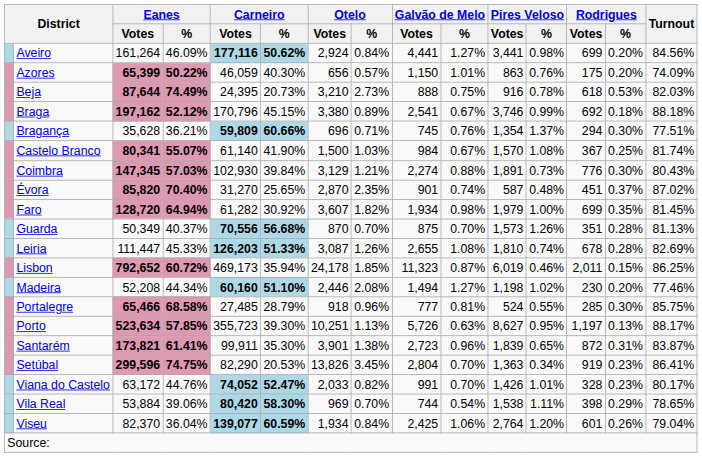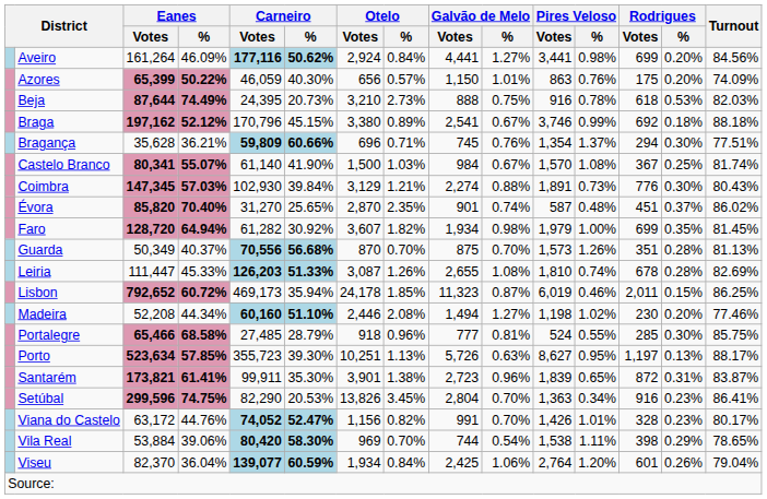 <table class="wikitable sortable" style="text-align:right; font-size:95%">
 <tr>
 <th colspan="2" rowspan="2">District</th>
 <th colspan="2"><a href='#'>Eanes</a></th>
 <th colspan="2"><a href='#'>Carneiro</a></th>
 <th colspan="2"><a href='#'>Otelo</a></th>
 <th colspan="2"><a href='#'>Galvão de Melo</a></th>
 <th colspan="2"><a href='#'>Pires Veloso</a></th>
 <th colspan="2"><a href='#'>Rodrigues</a></th>
 <th rowspan="2">Turnout</th>
 </tr>
 <tr>
 <th>Votes</th>
 <th>%</th>
 <th>Votes</th>
 <th>%</th>
 <th>Votes</th>
 <th>%</th>
 <th>Votes</th>
 <th>%</th>
 <th>Votes</th>
 <th>%</th>
 <th>Votes</th>
 <th>%</th>
 </tr>
 <tr>
 <td style="background:lightblue;"> </td>
 <td style="text-align:left;"><a href='#'>Aveiro</a></td>
 <td>161,264</td>
 <td>46.09%</td>
 <td style="background:lightblue; color:#000;"><strong>177,116</strong></td>
 <td style="background:lightblue; color:#000;"><strong>50.62%</strong></td>
 <td>2,924</td>
 <td>0.84%</td>
 <td>4,441</td>
 <td>1.27%</td>
 <td>3,441</td>
 <td>0.98%</td>
 <td>699</td>
 <td>0.20%</td>
 <td>84.56%</td>
 </tr>
 <tr>
 <td style="background:#DE98B2"> </td>
 <td style="text-align:left;"><a href='#'>Azores</a></td>
 <td style="background:#DE98B2; color:#000;"><strong>65,399</strong></td>
 <td style="background:#DE98B2; color:#000;"><strong>50.22%</strong></td>
 <td>46,059</td>
 <td>40.30%</td>
 <td>656</td>
 <td>0.57%</td>
 <td>1,150</td>
 <td>1.01%</td>
 <td>863</td>
 <td>0.76%</td>
 <td>175</td>
 <td>0.20%</td>
 <td>74.09%</td>
 </tr>
 <tr>
 <td style="background:#DE98B2;"> </td>
 <td style="text-align:left;"><a href='#'>Beja</a></td>
 <td style="background:#DE98B2; color:#000;"><strong>87,644</strong></td>
 <td style="background:#DE98B2; color:#000;"><strong>74.49%</strong></td>
 <td>24,395</td>
 <td>20.73%</td>
 <td>3,210</td>
 <td>2.73%</td>
 <td>888</td>
 <td>0.75%</td>
 <td>916</td>
 <td>0.78%</td>
 <td>618</td>
 <td>0.53%</td>
 <td>82.03%</td>
 </tr>
 <tr>
 <td style="background:#DE98B2;"> </td>
 <td style="text-align:left;"><a href='#'>Braga</a></td>
 <td style="background:#DE98B2; color:#000;"><strong>197,162</strong></td>
 <td style="background:#DE98B2; color:#000;"><strong>52.12%</strong></td>
 <td>170,796</td>
 <td>45.15%</td>
 <td>3,380</td>
 <td>0.89%</td>
 <td>2,541</td>
 <td>0.67%</td>
 <td>3,746</td>
 <td>0.99%</td>
 <td>692</td>
 <td>0.18%</td>
 <td>88.18%</td>
 </tr>
 <tr>
 <td style="background:lightblue;"> </td>
 <td style="text-align:left;"><a href='#'>Bragança</a></td>
 <td>35,628</td>
 <td>36.21%</td>
 <td style="background:lightblue; color:#000;"><strong>59,809</strong></td>
 <td style="background:lightblue; color:#000;"><strong>60.66%</strong></td>
 <td>696</td>
 <td>0.71%</td>
 <td>745</td>
 <td>0.76%</td>
 <td>1,354</td>
 <td>1.37%</td>
 <td>294</td>
 <td>0.30%</td>
 <td>77.51%</td>
 </tr>
 <tr>
 <td style="background:#DE98B2;"> </td>
 <td style="text-align:left;"><a href='#'>Castelo Branco</a></td>
 <td style="background:#DE98B2; color:#000;"><strong>80,341</strong></td>
 <td style="background:#DE98B2; color:#000;"><strong>55.07%</strong></td>
 <td>61,140</td>
 <td>41.90%</td>
 <td>1,500</td>
 <td>1.03%</td>
 <td>984</td>
 <td>0.67%</td>
 <td>1,570</td>
 <td>1.08%</td>
 <td>367</td>
 <td>0.25%</td>
 <td>81.74%</td>
 </tr>
 <tr>
 <td style="background:#DE98B2;"> </td>
 <td style="text-align:left;"><a href='#'>Coimbra</a></td>
 <td style="background:#DE98B2; color:#000;"><strong>147,345</strong></td>
 <td style="background:#DE98B2; color:#000;"><strong>57.03%</strong></td>
 <td>102,930</td>
 <td>39.84%</td>
 <td>3,129</td>
 <td>1.21%</td>
 <td>2,274</td>
 <td>0.88%</td>
 <td>1,891</td>
 <td>0.73%</td>
 <td>776</td>
 <td>0.30%</td>
 <td>80.43%</td>
 </tr>
 <tr>
 <td style="background:#DE98B2;"> </td>
 <td style="text-align:left;"><a href='#'>Évora</a></td>
 <td style="background:#DE98B2; color:#000;"><strong>85,820</strong></td>
 <td style="background:#DE98B2; color:#000;"><strong>70.40%</strong></td>
 <td>31,270</td>
 <td>25.65%</td>
 <td>2,870</td>
 <td>2.35%</td>
 <td>901</td>
 <td>0.74%</td>
 <td>587</td>
 <td>0.48%</td>
 <td>451</td>
 <td>0.37%</td>
-<td>87.02%</td>
+<td>86.02%</td>
 </tr>
 <tr>
 <td style="background:#DE98B2;"> </td>
 <td style="text-align:left;"><a href='#'>Faro</a></td>
 <td style="background:#DE98B2; color:#000;"><strong>128,720</strong></td>
 <td style="background:#DE98B2; color:#000;"><strong>64.94%</strong></td>
 <td>61,282</td>
 <td>30.92%</td>
 <td>3,607</td>
 <td>1.82%</td>
 <td>1,934</td>
 <td>0.98%</td>
 <td>1,979</td>
 <td>1.00%</td>
 <td>699</td>
 <td>0.35%</td>
 <td>81.45%</td>
 </tr>
 <tr>
 <td style="background:lightblue;"> </td>
 <td style="text-align:left;"><a href='#'>Guarda</a></td>
 <td>50,349</td>
 <td>40.37%</td>
 <td style="background:lightblue; color:#000;"><strong>70,556</strong></td>
 <td style="background:lightblue; color:#000;"><strong>56.68%</strong></td>
 <td>870</td>
 <td>0.70%</td>
 <td>875</td>
 <td>0.70%</td>
 <td>1,573</td>
 <td>1.26%</td>
 <td>351</td>
 <td>0.28%</td>
 <td>81.13%</td>
 </tr>
 <tr>
 <td style="background:lightblue;"> </td>
 <td style="text-align:left;"><a href='#'>Leiria</a></td>
 <td>111,447</td>
 <td>45.33%</td>
 <td style="background:lightblue; color:#000;"><strong>126,203</strong></td>
 <td style="background:lightblue; color:#000;"><strong>51.33%</strong></td>
 <td>3,087</td>
 <td>1.26%</td>
 <td>2,655</td>
 <td>1.08%</td>
 <td>1,810</td>
 <td>0.74%</td>
 <td>678</td>
 <td>0.28%</td>
 <td>82.69%</td>
 </tr>
 <tr>
 <td style="background:#DE98B2;"> </td>
 <td style="text-align:left;"><a href='#'>Lisbon</a></td>
 <td style="background:#DE98B2; color:#000;"><strong>792,652</strong></td>
 <td style="background:#DE98B2; color:#000;"><strong>60.72%</strong></td>
 <td>469,173</td>
 <td>35.94%</td>
 <td>24,178</td>
 <td>1.85%</td>
 <td>11,323</td>
 <td>0.87%</td>
 <td>6,019</td>
 <td>0.46%</td>
 <td>2,011</td>
 <td>0.15%</td>
 <td>86.25%</td>
 </tr>
 <tr>
 <td style="background:lightblue;"> </td>
 <td style="text-align:left;"><a href='#'>Madeira</a></td>
 <td>52,208</td>
 <td>44.34%</td>
 <td style="background:lightblue; color:#000;"><strong>60,160</strong></td>
 <td style="background:lightblue; color:#000;"><strong>51.10%</strong></td>
 <td>2,446</td>
 <td>2.08%</td>
 <td>1,494</td>
 <td>1.27%</td>
 <td>1,198</td>
 <td>1.02%</td>
 <td>230</td>
 <td>0.20%</td>
 <td>77.46%</td>
 </tr>
 <tr>
 <td style="background:#DE98B2;"> </td>
 <td style="text-align:left;"><a href='#'>Portalegre</a></td>
 <td style="background:#DE98B2; color:#000;"><strong>65,466</strong></td>
 <td style="background:#DE98B2; color:#000;"><strong>68.58%</strong></td>
 <td>27,485</td>
 <td>28.79%</td>
 <td>918</td>
 <td>0.96%</td>
 <td>777</td>
 <td>0.81%</td>
 <td>524</td>
 <td>0.55%</td>
 <td>285</td>
 <td>0.30%</td>
 <td>85.75%</td>
 </tr>
 <tr>
 <td style="background:#DE98B2;"> </td>
 <td style="text-align:left;"><a href='#'>Porto</a></td>
 <td style="background:#DE98B2; color:#000;"><strong>523,634</strong></td>
 <td style="background:#DE98B2; color:#000;"><strong>57.85%</strong></td>
 <td>355,723</td>
 <td>39.30%</td>
 <td>10,251</td>
 <td>1.13%</td>
 <td>5,726</td>
 <td>0.63%</td>
 <td>8,627</td>
 <td>0.95%</td>
 <td>1,197</td>
 <td>0.13%</td>
 <td>88.17%</td>
 </tr>
 <tr>
 <td style="background:#DE98B2;"> </td>
 <td style="text-align:left;"><a href='#'>Santarém</a></td>
 <td style="background:#DE98B2; color:#000;"><strong>173,821</strong></td>
 <td style="background:#DE98B2; color:#000;"><strong>61.41%</strong></td>
 <td>99,911</td>
 <td>35.30%</td>
 <td>3,901</td>
 <td>1.38%</td>
 <td>2,723</td>
 <td>0.96%</td>
 <td>1,839</td>
 <td>0.65%</td>
 <td>872</td>
 <td>0.31%</td>
 <td>83.87%</td>
 </tr>
 <tr>
 <td style="background:#DE98B2;"> </td>
 <td style="text-align:left;"><a href='#'>Setúbal</a></td>
 <td style="background:#DE98B2; color:#000;"><strong>299,596</strong></td>
 <td style="background:#DE98B2; color:#000;"><strong>74.75%</strong></td>
 <td>82,290</td>
 <td>20.53%</td>
 <td>13,826</td>
 <td>3.45%</td>
 <td>2,804</td>
 <td>0.70%</td>
 <td>1,363</td>
 <td>0.34%</td>
-<td>919</td>
+<td>916</td>
 <td>0.23%</td>
 <td>86.41%</td>
 </tr>
 <tr>
 <td style="background:lightblue;"> </td>
 <td style="text-align:left;"><a href='#'>Viana do Castelo</a></td>
 <td>63,172</td>
 <td>44.76%</td>
 <td style="background:lightblue; color:#000;"><strong>74,052</strong></td>
 <td style="background:lightblue; color:#000;"><strong>52.47%</strong></td>
-<td>2,033</td>
+<td>1,156</td>
 <td>0.82%</td>
 <td>991</td>
 <td>0.70%</td>
 <td>1,426</td>
 <td>1.01%</td>
 <td>328</td>
 <td>0.23%</td>
 <td>80.17%</td>
 </tr>
 <tr>
 <td style="background:lightblue;"> </td>
 <td style="text-align:left;"><a href='#'>Vila Real</a></td>
 <td>53,884</td>
 <td>39.06%</td>
 <td style="background:lightblue; color:#000;"><strong>80,420</strong></td>
 <td style="background:lightblue; color:#000;"><strong>58.30%</strong></td>
 <td>969</td>
 <td>0.70%</td>
 <td>744</td>
 <td>0.54%</td>
 <td>1,538</td>
 <td>1.11%</td>
 <td>398</td>
 <td>0.29%</td>
 <td>78.65%</td>
 </tr>
 <tr>
 <td style="background:lightblue;"> </td>
 <td style="text-align:left;"><a href='#'>Viseu</a></td>
 <td>82,370</td>
 <td>36.04%</td>
 <td style="background:lightblue; color:#000;"><strong>139,077</strong></td>
 <td style="background:lightblue; color:#000;"><strong>60.59%</strong></td>
 <td>1,934</td>
 <td>0.84%</td>
 <td>2,425</td>
 <td>1.06%</td>
 <td>2,764</td>
 <td>1.20%</td>
 <td>601</td>
 <td>0.26%</td>
 <td>79.04%</td>
 </tr>
 <tr class="sortbottom">
 <td colspan="15" style="text-align:left;">Source: </td>
 </tr>
 </table>
